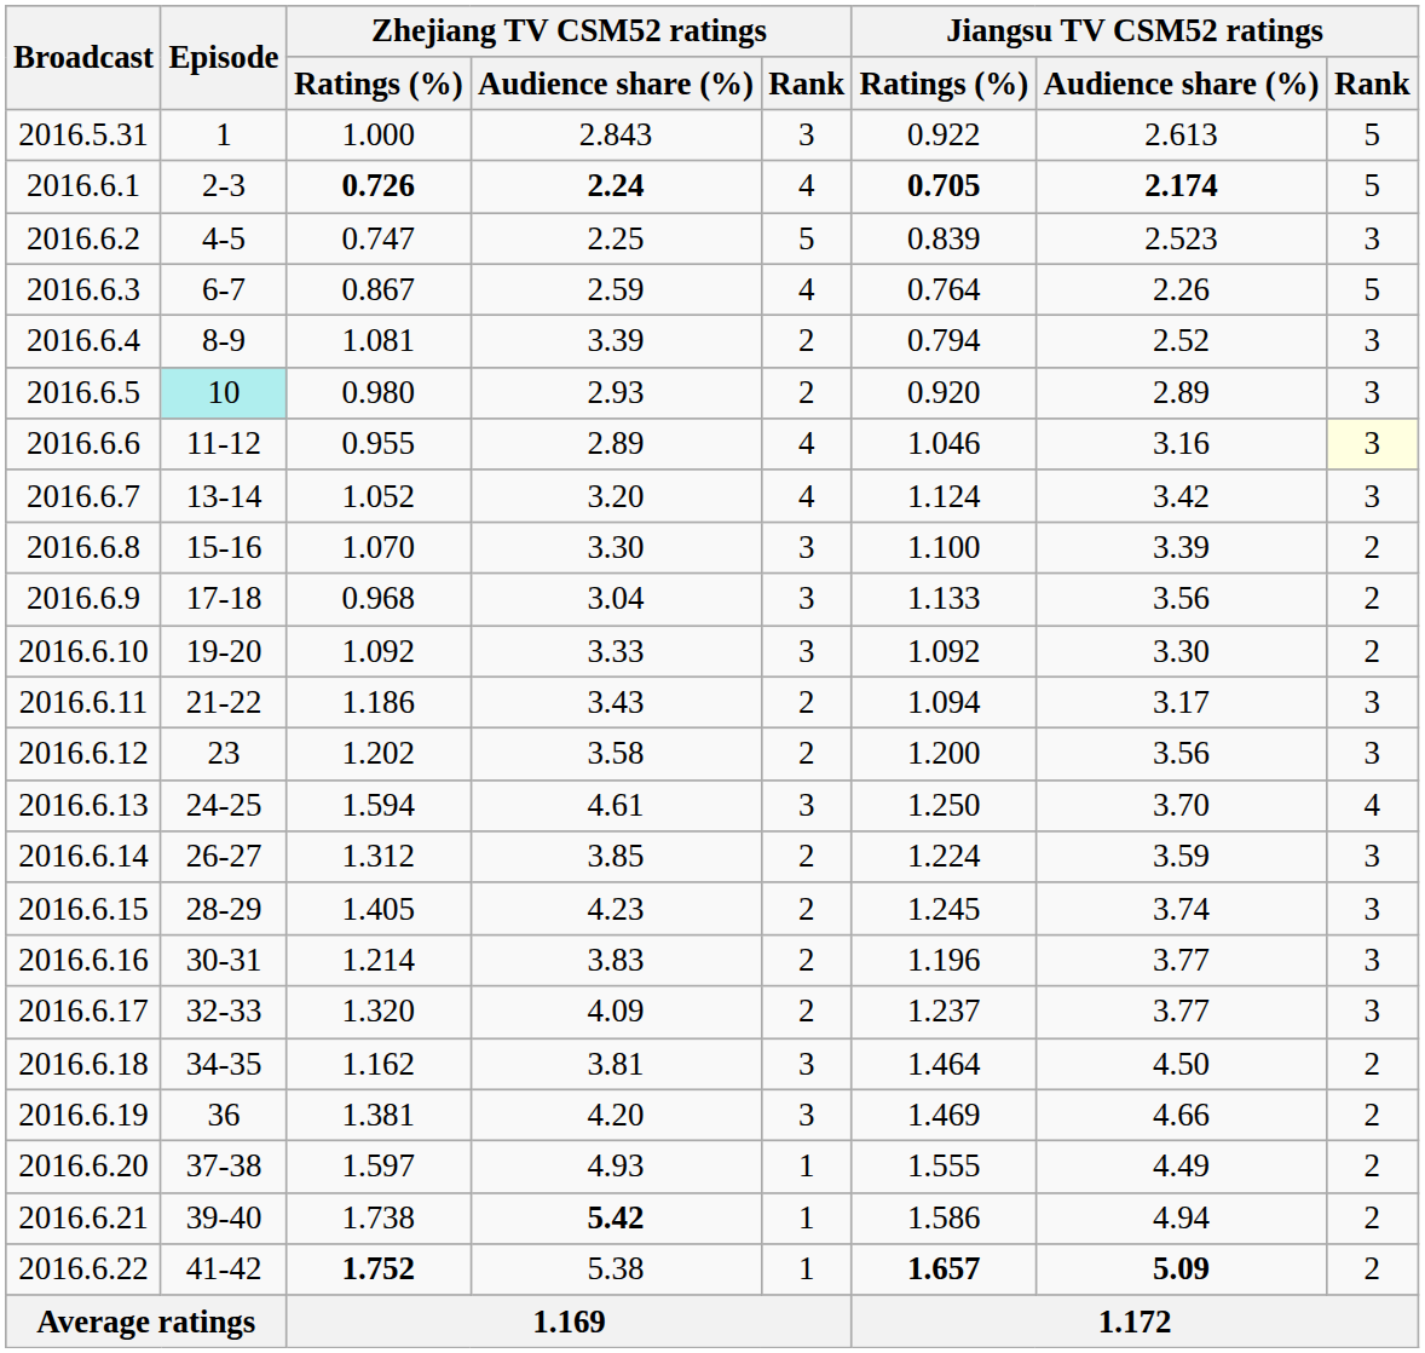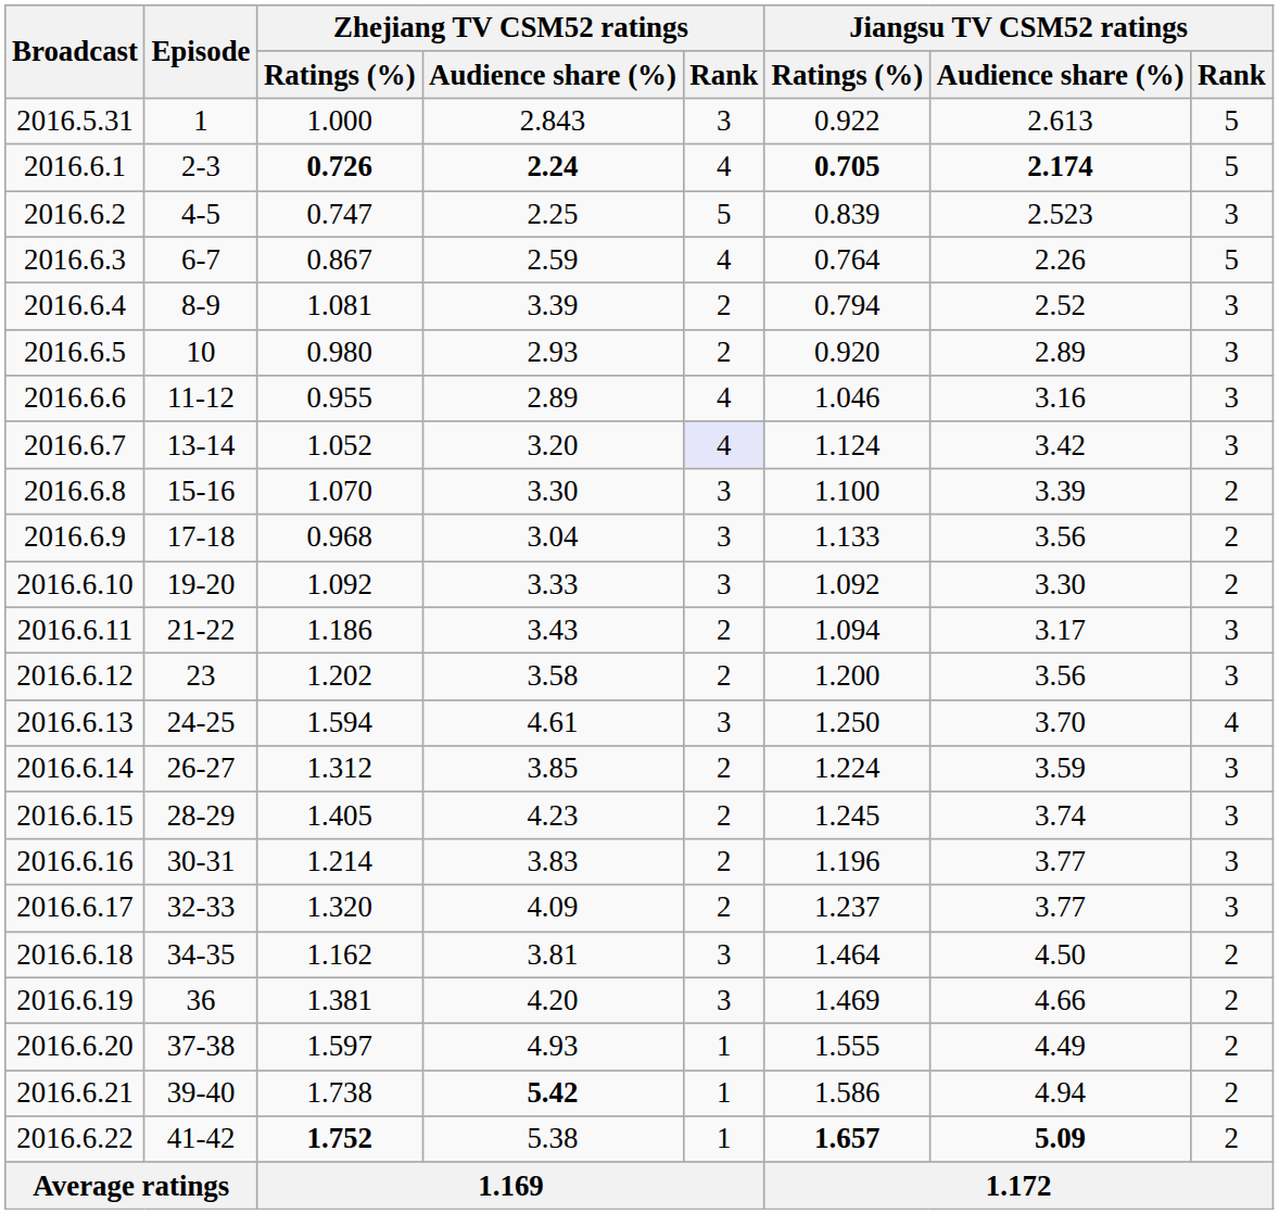 <table class="wikitable sortable mw-collapsible jquery-tablesorter" style="text-align:center">
 <tr>
 <th colspan="1" rowspan="2"><strong>Broadcast</strong></th>
 <th colspan="1" rowspan="2"><strong>Episode</strong></th>
 <th colspan="3" rowspan="1"><strong>Zhejiang TV CSM52 ratings</strong></th>
 <th colspan="3" rowspan="1"><strong>Jiangsu TV CSM52 ratings</strong></th>
 </tr>
 <tr>
 <th><strong>Ratings (%)</strong></th>
 <th><strong>Audience share (%)</strong></th>
 <th><strong>Rank</strong></th>
 <th><strong>Ratings (%)</strong></th>
 <th><strong>Audience share (%)</strong></th>
 <th><strong>Rank</strong></th>
 </tr>
 <tr>
 <td>2016.5.31</td>
 <td>1</td>
 <td>1.000</td>
 <td>2.843</td>
 <td>3</td>
 <td>0.922</td>
 <td>2.613</td>
 <td>5</td>
 </tr>
 <tr>
 <td>2016.6.1</td>
 <td>2-3</td>
 <td><strong><span>0.726</span></strong></td>
 <td><strong><span>2.24</span></strong></td>
 <td>4</td>
 <td><strong><span>0.705</span></strong></td>
 <td><strong><span>2.174</span></strong></td>
 <td>5</td>
 </tr>
 <tr>
 <td>2016.6.2</td>
 <td>4-5</td>
 <td>0.747</td>
 <td>2.25</td>
 <td>5</td>
 <td>0.839</td>
 <td>2.523</td>
 <td>3</td>
 </tr>
 <tr>
 <td>2016.6.3</td>
 <td>6-7</td>
 <td>0.867</td>
 <td>2.59</td>
 <td>4</td>
 <td>0.764</td>
 <td>2.26</td>
 <td>5</td>
 </tr>
 <tr>
 <td>2016.6.4</td>
 <td>8-9</td>
 <td>1.081</td>
 <td>3.39</td>
 <td>2</td>
 <td>0.794</td>
 <td>2.52</td>
 <td>3</td>
 </tr>
 <tr>
 <td>2016.6.5</td>
-<td style="background: paleturquoise;">10</td>
+<td>10</td>
 <td>0.980</td>
 <td>2.93</td>
 <td>2</td>
 <td>0.920</td>
 <td>2.89</td>
 <td>3</td>
 </tr>
 <tr>
 <td>2016.6.6</td>
 <td>11-12</td>
 <td>0.955</td>
 <td>2.89</td>
 <td>4</td>
 <td>1.046</td>
 <td>3.16</td>
-<td style="background: lightyellow;">3</td>
+<td>3</td>
 </tr>
 <tr>
 <td>2016.6.7</td>
 <td>13-14</td>
 <td>1.052</td>
 <td>3.20</td>
-<td>4</td>
+<td style="background: lavender;">4</td>
 <td>1.124</td>
 <td>3.42</td>
 <td>3</td>
 </tr>
 <tr>
 <td>2016.6.8</td>
 <td>15-16</td>
 <td>1.070</td>
 <td>3.30</td>
 <td>3</td>
 <td>1.100</td>
 <td>3.39</td>
 <td>2</td>
 </tr>
 <tr>
 <td>2016.6.9</td>
 <td>17-18</td>
 <td>0.968</td>
 <td>3.04</td>
 <td>3</td>
 <td>1.133</td>
 <td>3.56</td>
 <td>2</td>
 </tr>
 <tr>
 <td>2016.6.10</td>
 <td>19-20</td>
 <td>1.092</td>
 <td>3.33</td>
 <td>3</td>
 <td>1.092</td>
 <td>3.30</td>
 <td>2</td>
 </tr>
 <tr>
 <td>2016.6.11</td>
 <td>21-22</td>
 <td>1.186</td>
 <td>3.43</td>
 <td>2</td>
 <td>1.094</td>
 <td>3.17</td>
 <td>3</td>
 </tr>
 <tr>
 <td>2016.6.12</td>
 <td>23</td>
 <td>1.202</td>
 <td>3.58</td>
 <td>2</td>
 <td>1.200</td>
 <td>3.56</td>
 <td>3</td>
 </tr>
 <tr>
 <td>2016.6.13</td>
 <td>24-25</td>
 <td>1.594</td>
 <td>4.61</td>
 <td>3</td>
 <td>1.250</td>
 <td>3.70</td>
 <td>4</td>
 </tr>
 <tr>
 <td>2016.6.14</td>
 <td>26-27</td>
 <td>1.312</td>
 <td>3.85</td>
 <td>2</td>
 <td>1.224</td>
 <td>3.59</td>
 <td>3</td>
 </tr>
 <tr>
 <td>2016.6.15</td>
 <td>28-29</td>
 <td>1.405</td>
 <td>4.23</td>
 <td>2</td>
 <td>1.245</td>
 <td>3.74</td>
 <td>3</td>
 </tr>
 <tr>
 <td>2016.6.16</td>
 <td>30-31</td>
 <td>1.214</td>
 <td>3.83</td>
 <td>2</td>
 <td>1.196</td>
 <td>3.77</td>
 <td>3</td>
 </tr>
 <tr>
 <td>2016.6.17</td>
 <td>32-33</td>
 <td>1.320</td>
 <td>4.09</td>
 <td>2</td>
 <td>1.237</td>
 <td>3.77</td>
 <td>3</td>
 </tr>
 <tr>
 <td>2016.6.18</td>
 <td>34-35</td>
 <td>1.162</td>
 <td>3.81</td>
 <td>3</td>
 <td>1.464</td>
 <td>4.50</td>
 <td>2</td>
 </tr>
 <tr>
 <td>2016.6.19</td>
 <td>36</td>
 <td>1.381</td>
 <td>4.20</td>
 <td>3</td>
 <td>1.469</td>
 <td>4.66</td>
 <td>2</td>
 </tr>
 <tr>
 <td>2016.6.20</td>
 <td>37-38</td>
 <td>1.597</td>
 <td>4.93</td>
 <td>1</td>
 <td>1.555</td>
 <td>4.49</td>
 <td>2</td>
 </tr>
 <tr>
 <td>2016.6.21</td>
 <td>39-40</td>
 <td>1.738</td>
 <td><strong><span>5.42</span></strong></td>
 <td>1</td>
 <td>1.586</td>
 <td>4.94</td>
 <td>2</td>
 </tr>
 <tr>
 <td>2016.6.22</td>
 <td>41-42</td>
 <td><strong><span>1.752</span></strong></td>
 <td>5.38</td>
 <td>1</td>
 <td><strong><span>1.657</span></strong></td>
 <td><strong><span>5.09</span></strong></td>
 <td>2</td>
 </tr>
 <tr>
 <th colspan="2" rowspan="1"><strong>Average ratings</strong></th>
 <th colspan="3" rowspan="1"><strong>1.169</strong></th>
 <th colspan="3" rowspan="1"><strong>1.172</strong></th>
 </tr>
 </table>
